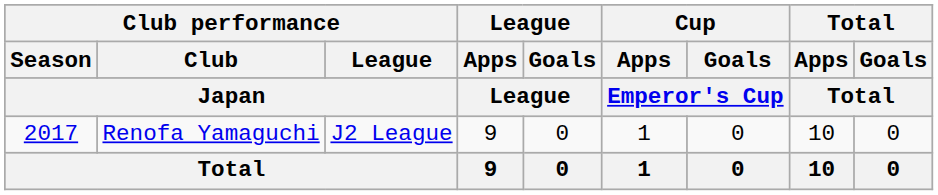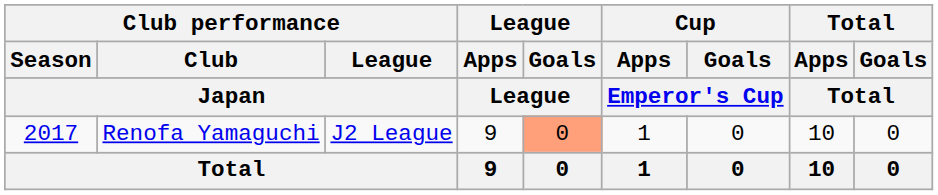 <table class="wikitable" style="text-align:center;">
 <tr>
 <th colspan=3>Club performance</th>
 <th colspan=2>League</th>
 <th colspan=2>Cup</th>
 <th colspan=2>Total</th>
 </tr>
 <tr>
 <th>Season</th>
 <th>Club</th>
 <th>League</th>
 <th>Apps</th>
 <th>Goals</th>
 <th>Apps</th>
 <th>Goals</th>
 <th>Apps</th>
 <th>Goals</th>
 </tr>
 <tr>
 <th colspan=3>Japan</th>
 <th colspan=2>League</th>
 <th colspan=2><a href='#'>Emperor's Cup</a></th>
 <th colspan=2>Total</th>
 </tr>
 <tr>
 <td><a href='#'>2017</a></td>
 <td rowspan="1"><a href='#'>Renofa Yamaguchi</a></td>
 <td rowspan="1"><a href='#'>J2 League</a></td>
 <td>9</td>
-<td>0</td>
+<td style="background: lightsalmon;">0</td>
 <td>1</td>
 <td>0</td>
 <td>10</td>
 <td>0</td>
 </tr>
 <tr>
 <th colspan=3>Total</th>
 <th>9</th>
 <th>0</th>
 <th>1</th>
 <th>0</th>
 <th>10</th>
 <th>0</th>
 </tr>
 </table>
